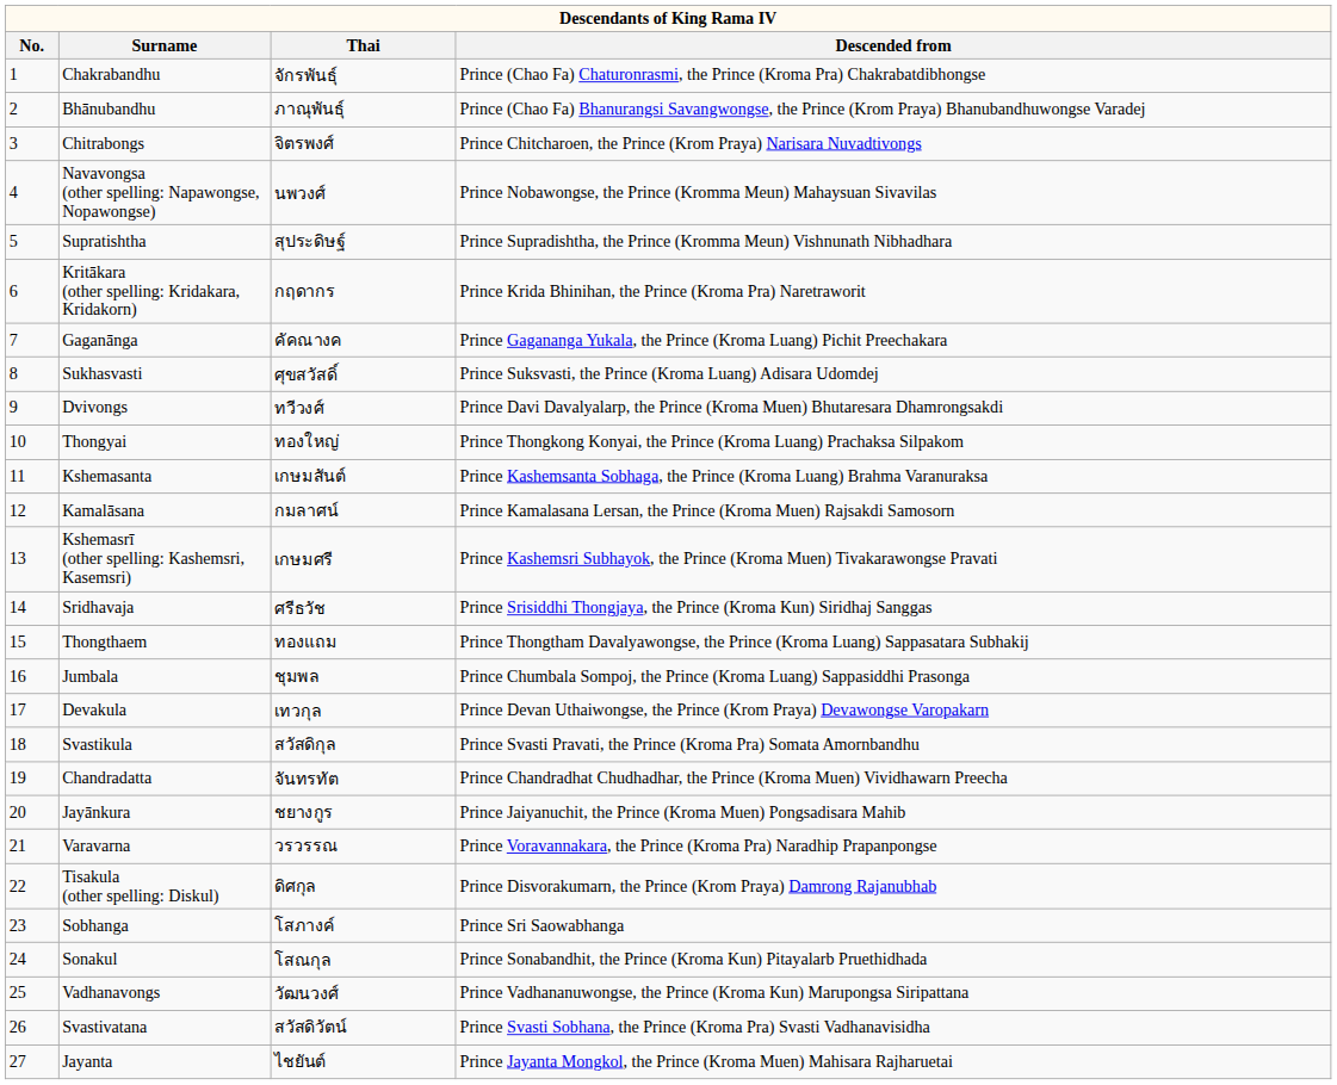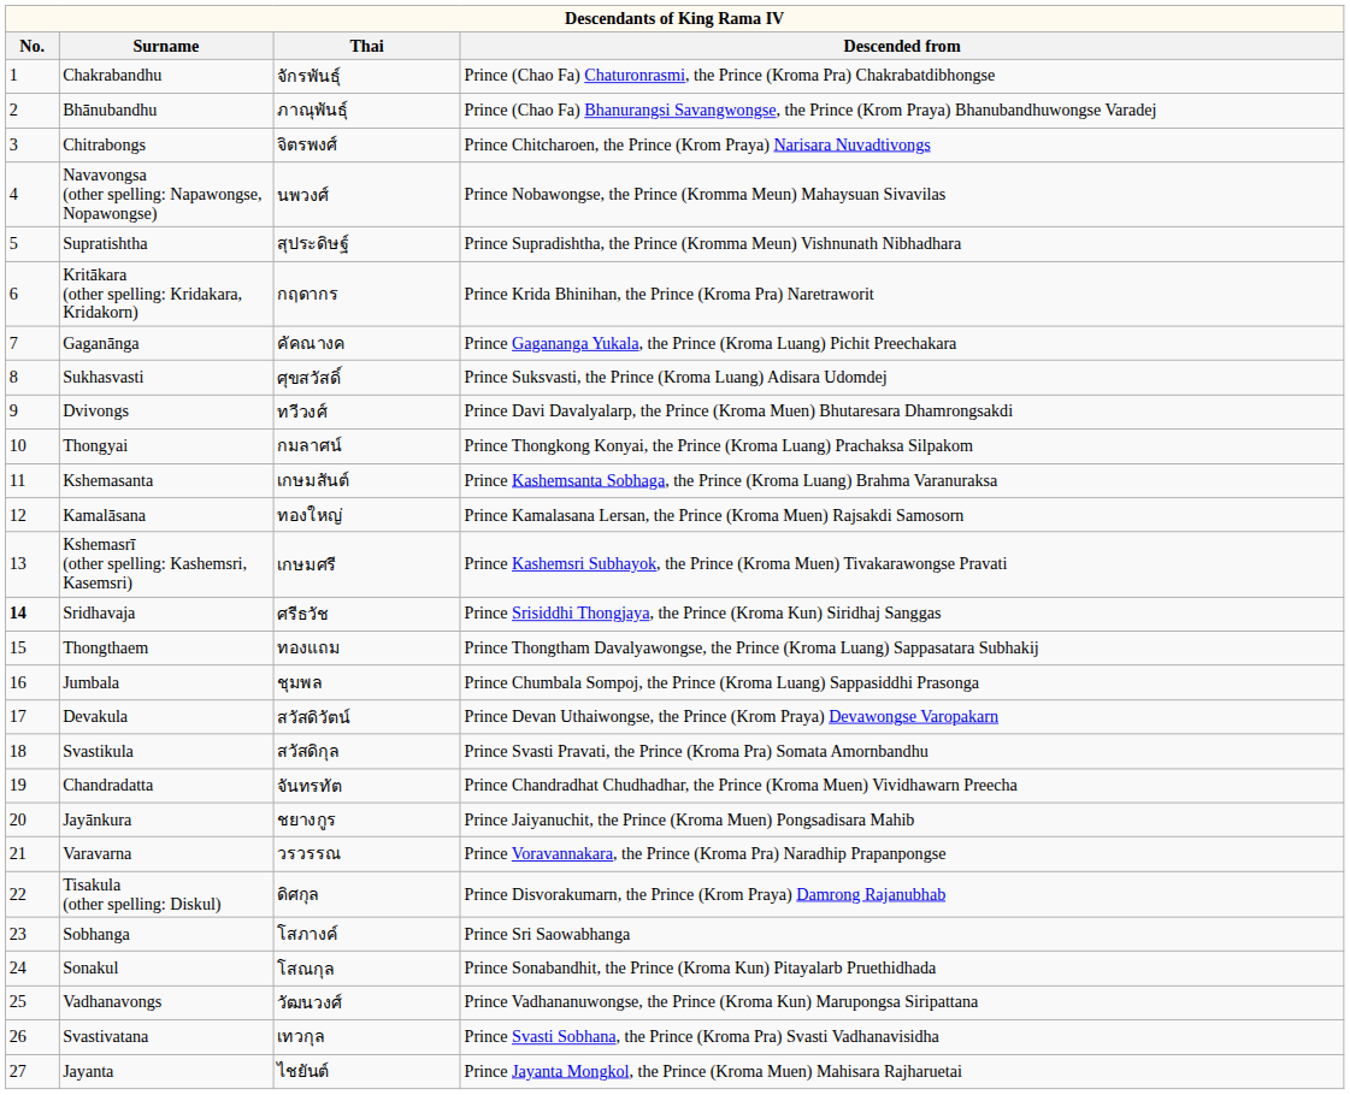 <table class="wikitable collapsible collapsed" style="width:100%;">
 <tr>
 <th style="align: center; background: #fffaf0;" colspan="4"><strong>Descendants of King Rama IV</strong></th>
 </tr>
 <tr>
 <th style="width:4%;">No.</th>
 <th style="width:16%;">Surname</th>
 <th style="width:14%;">Thai</th>
 <th style="width:66%;">Descended from</th>
 </tr>
 <tr>
 <td>1</td>
 <td>Chakrabandhu</td>
 <td>จักรพันธุ์</td>
 <td>Prince (Chao Fa) <a href='#'>Chaturonrasmi</a>, the Prince (Kroma Pra) Chakrabatdibhongse</td>
 </tr>
 <tr>
 <td>2</td>
 <td>Bhānubandhu</td>
 <td>ภาณุพันธุ์</td>
 <td>Prince (Chao Fa) <a href='#'>Bhanurangsi Savangwongse</a>, the Prince (Krom Praya) Bhanubandhuwongse Varadej</td>
 </tr>
 <tr>
 <td>3</td>
 <td>Chitrabongs</td>
 <td>จิตรพงศ์</td>
 <td>Prince Chitcharoen, the Prince (Krom Praya) <a href='#'>Narisara Nuvadtivongs</a></td>
 </tr>
 <tr>
 <td>4</td>
 <td>Navavongsa<br>(other spelling: Napawongse, Nopawongse)</td>
 <td>นพวงศ์</td>
 <td>Prince Nobawongse, the Prince (Kromma Meun) Mahaysuan Sivavilas</td>
 </tr>
 <tr>
 <td>5</td>
 <td>Supratishtha</td>
 <td>สุประดิษฐ์</td>
 <td>Prince Supradishtha, the Prince (Kromma Meun) Vishnunath Nibhadhara</td>
 </tr>
 <tr>
 <td>6</td>
 <td>Kritākara<br>(other spelling: Kridakara, Kridakorn)</td>
 <td>กฤดากร</td>
 <td>Prince Krida Bhinihan, the Prince (Kroma Pra) Naretraworit</td>
 </tr>
 <tr>
 <td>7</td>
 <td>Gaganānga</td>
 <td>คัคณางค</td>
 <td>Prince <a href='#'>Gagananga Yukala</a>, the Prince (Kroma Luang) Pichit Preechakara</td>
 </tr>
 <tr>
 <td>8</td>
 <td>Sukhasvasti</td>
 <td>ศุขสวัสดิ์</td>
 <td>Prince Suksvasti, the Prince (Kroma Luang) Adisara Udomdej</td>
 </tr>
 <tr>
 <td>9</td>
 <td>Dvivongs</td>
 <td>ทวีวงศ์</td>
 <td>Prince Davi Davalyalarp, the Prince (Kroma Muen) Bhutaresara Dhamrongsakdi</td>
 </tr>
 <tr>
 <td>10</td>
 <td>Thongyai</td>
-<td>ทองใหญ่</td>
+<td>กมลาศน์</td>
 <td>Prince Thongkong Konyai, the Prince (Kroma Luang) Prachaksa Silpakom</td>
 </tr>
 <tr>
 <td>11</td>
 <td>Kshemasanta</td>
 <td>เกษมสันต์</td>
 <td>Prince <a href='#'>Kashemsanta Sobhaga</a>, the Prince (Kroma Luang) Brahma Varanuraksa</td>
 </tr>
 <tr>
 <td>12</td>
 <td>Kamalāsana</td>
-<td>กมลาศน์</td>
+<td>ทองใหญ่</td>
 <td>Prince Kamalasana Lersan, the Prince (Kroma Muen) Rajsakdi Samosorn</td>
 </tr>
 <tr>
 <td>13</td>
 <td>Kshemasrī<br>(other spelling: Kashemsri, Kasemsri)</td>
 <td>เกษมศรี</td>
 <td>Prince <a href='#'>Kashemsri Subhayok</a>, the Prince (Kroma Muen) Tivakarawongse Pravati</td>
 </tr>
 <tr>
-<td>14</td>
+<td><strong>14</strong></td>
 <td>Sridhavaja</td>
 <td>ศรีธวัช</td>
 <td>Prince <a href='#'>Srisiddhi Thongjaya</a>, the Prince (Kroma Kun) Siridhaj Sanggas</td>
 </tr>
 <tr>
 <td>15</td>
 <td>Thongthaem</td>
 <td>ทองแถม</td>
 <td>Prince Thongtham Davalyawongse, the Prince (Kroma Luang) Sappasatara Subhakij</td>
 </tr>
 <tr>
 <td>16</td>
 <td>Jumbala</td>
 <td>ชุมพล</td>
 <td>Prince Chumbala Sompoj, the Prince (Kroma Luang) Sappasiddhi Prasonga</td>
 </tr>
 <tr>
 <td>17</td>
 <td>Devakula</td>
-<td>เทวกุล</td>
+<td>สวัสดิวัตน์</td>
 <td>Prince Devan Uthaiwongse, the Prince (Krom Praya) <a href='#'>Devawongse Varopakarn</a></td>
 </tr>
 <tr>
 <td>18</td>
 <td>Svastikula</td>
 <td>สวัสดิกุล</td>
 <td>Prince Svasti Pravati, the Prince (Kroma Pra) Somata Amornbandhu</td>
 </tr>
 <tr>
 <td>19</td>
 <td>Chandradatta</td>
 <td>จันทรทัต</td>
 <td>Prince Chandradhat Chudhadhar, the Prince (Kroma Muen) Vividhawarn Preecha</td>
 </tr>
 <tr>
 <td>20</td>
 <td>Jayānkura</td>
 <td>ชยางกูร</td>
 <td>Prince Jaiyanuchit, the Prince (Kroma Muen) Pongsadisara Mahib</td>
 </tr>
 <tr>
 <td>21</td>
 <td>Varavarna</td>
 <td>วรวรรณ</td>
 <td>Prince <a href='#'>Voravannakara</a>, the Prince (Kroma Pra) Naradhip Prapanpongse</td>
 </tr>
 <tr>
 <td>22</td>
 <td>Tisakula<br>(other spelling: Diskul)</td>
 <td>ดิศกุล</td>
 <td>Prince Disvorakumarn, the Prince (Krom Praya) <a href='#'>Damrong Rajanubhab</a></td>
 </tr>
 <tr>
 <td>23</td>
 <td>Sobhanga</td>
 <td>โสภางค์</td>
 <td>Prince Sri Saowabhanga</td>
 </tr>
 <tr>
 <td>24</td>
 <td>Sonakul</td>
 <td>โสณกุล</td>
 <td>Prince Sonabandhit, the Prince (Kroma Kun) Pitayalarb Pruethidhada</td>
 </tr>
 <tr>
 <td>25</td>
 <td>Vadhanavongs</td>
 <td>วัฒนวงศ์</td>
 <td>Prince Vadhananuwongse, the Prince (Kroma Kun) Marupongsa Siripattana</td>
 </tr>
 <tr>
 <td>26</td>
 <td>Svastivatana</td>
-<td>สวัสดิวัตน์</td>
+<td>เทวกุล</td>
 <td>Prince <a href='#'>Svasti Sobhana</a>, the Prince (Kroma Pra) Svasti Vadhanavisidha</td>
 </tr>
 <tr>
 <td>27</td>
 <td>Jayanta</td>
 <td>ไชยันต์</td>
 <td>Prince <a href='#'>Jayanta Mongkol</a>, the Prince (Kroma Muen) Mahisara Rajharuetai</td>
 </tr>
 </table>
